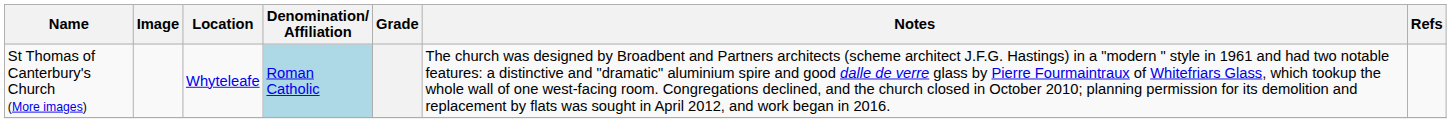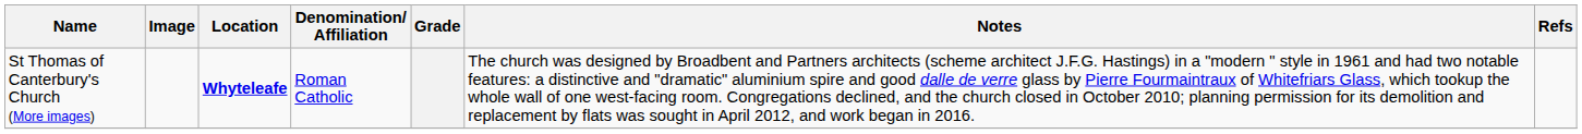 <table class="wikitable sortable">
 <tr>
 <th align="center">Name</th>
 <th align="center" class="unsortable">Image</th>
 <th align="center">Location</th>
 <th align="center">Denomination/<br>Affiliation</th>
 <th align="center">Grade</th>
 <th align="center" class="unsortable">Notes</th>
 <th align="center" class="unsortable">Refs</th>
 </tr>
 <tr>
 <td>St Thomas of Canterbury's Church<br><small>(<a href='#'>More images</a>)</small></td>
 <td></td>
-<td><a href='#'>Whyteleafe</a><br></td>
-<td style="background: lightblue;"><a href='#'>Roman Catholic</a></td>
+<td><strong><a href='#'>Whyteleafe</a><br></strong></td>
+<td><a href='#'>Roman Catholic</a></td>
 <th align="center"></th>
 <td>The church was designed by Broadbent and Partners architects (scheme architect J.F.G. Hastings) in a "modern <a href='#'></a>" style in 1961 and had two notable features: a distinctive and "dramatic" aluminium spire and good <em><a href='#'>dalle de verre</a></em> glass by <a href='#'>Pierre Fourmaintraux</a> of <a href='#'>Whitefriars Glass</a>, which tookup the whole wall of one west-facing room.  Congregations declined, and the church closed in October 2010; planning permission for its demolition and replacement by flats was sought in April 2012, and work began in 2016.</td>
 <td><br><br></td>
 </tr>
 <tr>
 </tr>
 </table>
